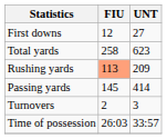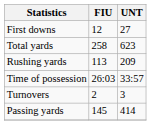 <table class="wikitable">
 <tr>
 <th>Statistics</th>
 <th>FIU</th>
 <th>UNT</th>
 </tr>
 <tr>
 <td>First downs</td>
 <td>12</td>
 <td>27</td>
 </tr>
 <tr>
 <td>Total yards</td>
 <td>258</td>
 <td>623</td>
 </tr>
 <tr>
 <td>Rushing yards</td>
-<td style="background: lightsalmon;">113</td>
+<td>113</td>
 <td>209</td>
+</tr>
+<tr>
+<td>Time of possession</td>
+<td>26:03</td>
+<td>33:57</td>
+</tr>
+<tr>
+<td>Turnovers</td>
+<td>2</td>
+<td>3</td>
 </tr>
 <tr>
 <td>Passing yards</td>
 <td>145</td>
 <td>414</td>
 </tr>
 <tr>
-<td>Turnovers</td>
-<td>2</td>
-<td>3</td>
-</tr>
-<tr>
-<td>Time of possession</td>
-<td>26:03</td>
-<td>33:57</td>
-</tr>
-<tr>
 </tr>
 </table>
